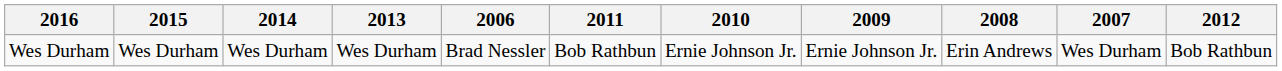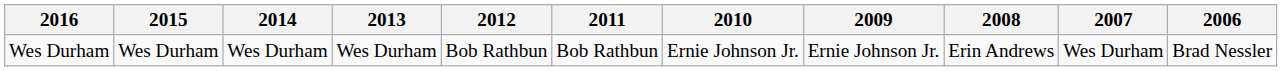 <table class="wikitable">
 <tr>
 <th>2016</th>
 <th>2015</th>
 <th>2014</th>
 <th>2013</th>
-<th>2006</th>
+<th>2012</th>
 <th>2011</th>
 <th>2010</th>
 <th>2009</th>
 <th>2008</th>
 <th>2007</th>
-<th>2012</th>
+<th>2006</th>
 </tr>
 <tr>
 <td>Wes Durham</td>
 <td>Wes Durham</td>
 <td>Wes Durham</td>
 <td>Wes Durham</td>
-<td>Brad Nessler</td>
+<td>Bob Rathbun</td>
 <td>Bob Rathbun</td>
 <td>Ernie Johnson Jr.</td>
 <td>Ernie Johnson Jr.</td>
 <td>Erin Andrews</td>
 <td>Wes Durham</td>
-<td>Bob Rathbun</td>
+<td>Brad Nessler</td>
 </tr>
 </table>
